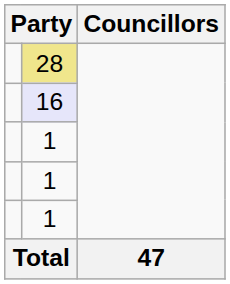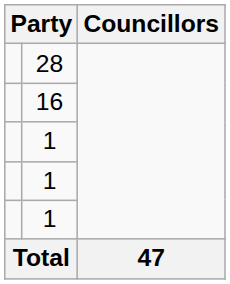 <table class="wikitable">
 <tr>
 <th colspan=2>Party</th>
 <th>Councillors</th>
 </tr>
 <tr>
 <td></td>
-<td align=center style="background: khaki;">28</td>
+<td align=center>28</td>
 </tr>
 <tr>
 <td></td>
-<td align=center style="background: lavender;">16</td>
+<td align=center>16</td>
 </tr>
 <tr>
 <td></td>
 <td align=center>1</td>
 </tr>
 <tr>
 <td></td>
 <td align=center>1</td>
 </tr>
 <tr>
 <td></td>
 <td align=center>1</td>
 </tr>
 <tr>
 <th colspan=2>Total</th>
 <th align=center>47</th>
 </tr>
 </table>
